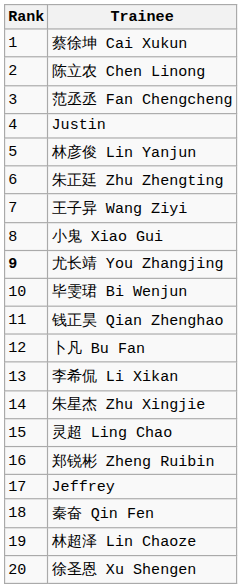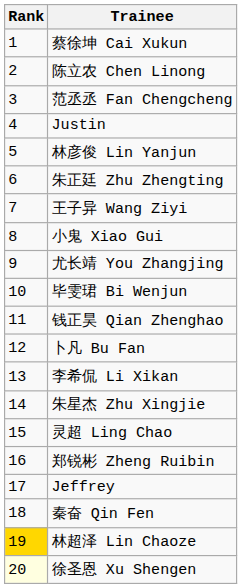 <table class="wikitable">
 <tr>
 <th>Rank</th>
 <th>Trainee</th>
 </tr>
 <tr>
 <td>1</td>
 <td>蔡徐坤 Cai Xukun</td>
 </tr>
 <tr>
 <td>2</td>
 <td>陈立农 Chen Linong</td>
 </tr>
 <tr>
 <td>3</td>
 <td>范丞丞 Fan Chengcheng</td>
 </tr>
 <tr>
 <td>4</td>
 <td>Justin</td>
 </tr>
 <tr>
 <td>5</td>
 <td>林彦俊 Lin Yanjun</td>
 </tr>
 <tr>
 <td>6</td>
 <td>朱正廷 Zhu Zhengting</td>
 </tr>
 <tr>
 <td>7</td>
 <td>王子异 Wang Ziyi</td>
 </tr>
 <tr>
 <td>8</td>
 <td>小鬼 Xiao Gui</td>
 </tr>
 <tr>
-<td><strong>9</strong></td>
+<td>9</td>
 <td>尤长靖 You Zhangjing</td>
 </tr>
 <tr>
 <td>10</td>
 <td>毕雯珺 Bi Wenjun</td>
 </tr>
 <tr>
 <td>11</td>
 <td>钱正昊 Qian Zhenghao</td>
 </tr>
 <tr>
 <td>12</td>
 <td>卜凡 Bu Fan</td>
 </tr>
 <tr>
 <td>13</td>
 <td>李希侃 Li Xikan</td>
 </tr>
 <tr>
 <td>14</td>
 <td>朱星杰 Zhu Xingjie</td>
 </tr>
 <tr>
 <td>15</td>
 <td>灵超 Ling Chao</td>
 </tr>
 <tr>
 <td>16</td>
 <td>郑锐彬 Zheng Ruibin</td>
 </tr>
 <tr>
 <td>17</td>
 <td>Jeffrey</td>
 </tr>
 <tr>
 <td>18</td>
 <td>秦奋 Qin Fen</td>
 </tr>
 <tr>
-<td>19</td>
+<td style="background: gold;">19</td>
 <td>林超泽 Lin Chaoze</td>
 </tr>
 <tr>
-<td>20</td>
+<td style="background: lightyellow;">20</td>
 <td>徐圣恩 Xu Shengen</td>
 </tr>
 </table>
